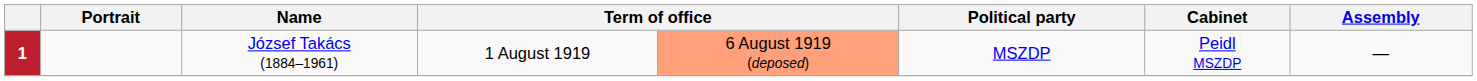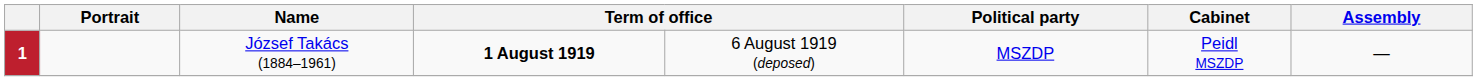 <table class="wikitable" style="width:90%; text-align:center;">
 <tr>
 <th></th>
 <th>Portrait</th>
 <th>Name<br></th>
 <th colspan=2>Term of office</th>
 <th>Political party</th>
 <th>Cabinet</th>
 <th><a href='#'>Assembly</a><br></th>
 </tr>
 <tr>
 <th style="background-color:#BE1F2E; color:white">1</th>
 <td></td>
 <td><a href='#'>József Takács</a><br><small>(1884–1961)</small></td>
-<td>1 August 1919</td>
-<td style="background: lightsalmon;">6 August 1919<br><small>(<em>deposed</em>)</small></td>
+<td><strong>1 August 1919</strong></td>
+<td>6 August 1919<br><small>(<em>deposed</em>)</small></td>
 <td><a href='#'>MSZDP</a></td>
 <td><a href='#'>Peidl</a><br><small><a href='#'>MSZDP</a></small></td>
 <td>—</td>
 </tr>
 <tr>
 </tr>
 </table>
